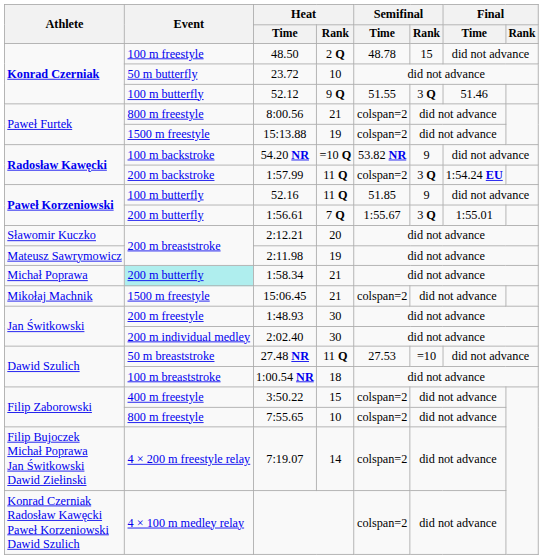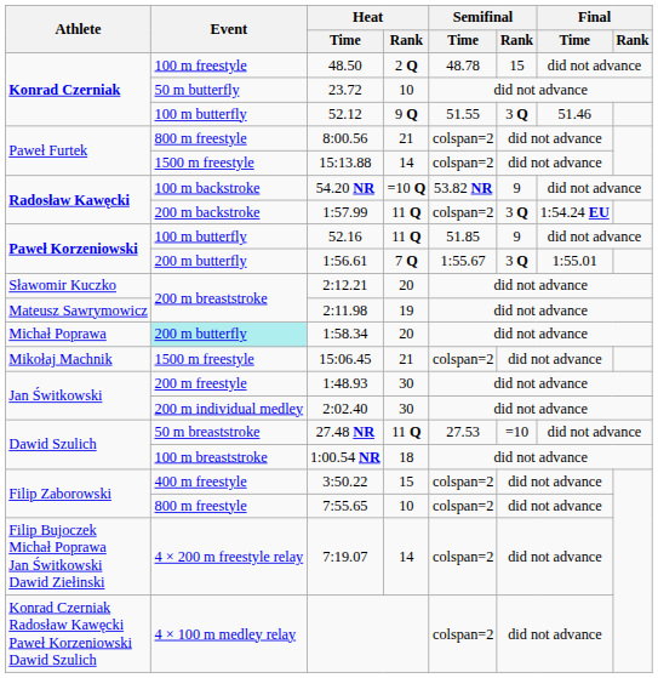 <table class=wikitable style="font-size:90%">
 <tr>
 <th rowspan="2">Athlete</th>
 <th rowspan="2">Event</th>
 <th colspan="2">Heat</th>
 <th colspan="2">Semifinal</th>
 <th colspan="2">Final</th>
 </tr>
 <tr style="font-size:95%">
 <th>Time</th>
 <th>Rank</th>
 <th>Time</th>
 <th>Rank</th>
 <th>Time</th>
 <th>Rank</th>
 </tr>
 <tr align=center>
 <td align=left rowspan=3><strong><a href='#'>Konrad Czerniak</a></strong></td>
 <td align=left><a href='#'>100 m freestyle</a></td>
 <td>48.50</td>
 <td>2 <strong>Q</strong></td>
 <td>48.78</td>
 <td>15</td>
 <td colspan=2>did not advance</td>
 </tr>
 <tr align=center>
 <td align=left><a href='#'>50 m butterfly</a></td>
 <td>23.72</td>
 <td>10</td>
 <td colspan=4>did not advance</td>
 </tr>
 <tr align=center>
 <td align=left><a href='#'>100 m butterfly</a></td>
 <td>52.12</td>
 <td>9 <strong>Q</strong></td>
 <td>51.55</td>
 <td>3 <strong>Q</strong></td>
 <td>51.46</td>
 <td></td>
 </tr>
 <tr align=center>
 <td align=left rowspan=2><a href='#'>Paweł Furtek</a></td>
 <td align=left><a href='#'>800 m freestyle</a></td>
 <td>8:00.56</td>
 <td>21</td>
 <td>colspan=2 </td>
 <td colspan=2>did not advance</td>
 </tr>
 <tr align=center>
 <td align=left><a href='#'>1500 m freestyle</a></td>
 <td>15:13.88</td>
-<td>19</td>
+<td>14</td>
 <td>colspan=2 </td>
 <td colspan=2>did not advance</td>
 </tr>
 <tr align=center>
 <td align=left rowspan=2><strong><a href='#'>Radosław Kawęcki</a></strong></td>
 <td align=left><a href='#'>100 m backstroke</a></td>
 <td>54.20 <strong><a href='#'>NR</a></strong></td>
 <td>=10 <strong>Q</strong></td>
 <td>53.82 <strong><a href='#'>NR</a></strong></td>
 <td>9</td>
 <td colspan=2>did not advance</td>
 </tr>
 <tr align=center>
 <td align=left><a href='#'>200 m backstroke</a></td>
 <td>1:57.99</td>
 <td>11 <strong>Q</strong></td>
 <td>colspan=2 </td>
 <td>3 <strong>Q</strong></td>
 <td>1:54.24 <strong><a href='#'>EU</a></strong></td>
 <td></td>
 </tr>
 <tr align=center>
 <td align=left rowspan=2><strong><a href='#'>Paweł Korzeniowski</a></strong></td>
 <td align=left><a href='#'>100 m butterfly</a></td>
 <td>52.16</td>
 <td>11 <strong>Q</strong></td>
 <td>51.85</td>
 <td>9</td>
 <td colspan=2>did not advance</td>
 </tr>
 <tr align=center>
 <td align=left><a href='#'>200 m butterfly</a></td>
 <td>1:56.61</td>
 <td>7 <strong>Q</strong></td>
 <td>1:55.67</td>
 <td>3 <strong>Q</strong></td>
 <td>1:55.01</td>
 <td></td>
 </tr>
 <tr align=center>
 <td align=left><a href='#'>Sławomir Kuczko</a></td>
 <td align=left rowspan=2><a href='#'>200 m breaststroke</a></td>
 <td>2:12.21</td>
 <td>20</td>
 <td colspan=4>did not advance</td>
 </tr>
 <tr align=center>
 <td align=left><a href='#'>Mateusz Sawrymowicz</a></td>
 <td>2:11.98</td>
 <td>19</td>
 <td colspan=4>did not advance</td>
 </tr>
 <tr align=center>
 <td align=left><a href='#'>Michał Poprawa</a></td>
 <td align=left style="background: paleturquoise;"><a href='#'>200 m butterfly</a></td>
 <td>1:58.34</td>
-<td>21</td>
+<td>20</td>
 <td colspan=4>did not advance</td>
 </tr>
 <tr align=center>
 <td align=left><a href='#'>Mikołaj Machnik</a></td>
 <td align=left><a href='#'>1500 m freestyle</a></td>
 <td>15:06.45</td>
 <td>21</td>
 <td>colspan=2 </td>
 <td colspan=2>did not advance</td>
 </tr>
 <tr align=center>
 <td align=left rowspan=2><a href='#'>Jan Świtkowski</a></td>
 <td align=left><a href='#'>200 m freestyle</a></td>
 <td>1:48.93</td>
 <td>30</td>
 <td colspan=4>did not advance</td>
 </tr>
 <tr align=center>
 <td align=left><a href='#'>200 m individual medley</a></td>
 <td>2:02.40</td>
 <td>30</td>
 <td colspan=4>did not advance</td>
 </tr>
 <tr align=center>
 <td align=left rowspan=2><a href='#'>Dawid Szulich</a></td>
 <td align=left><a href='#'>50 m breaststroke</a></td>
 <td>27.48 <strong><a href='#'>NR</a></strong></td>
 <td>11 <strong>Q</strong></td>
 <td>27.53</td>
 <td>=10</td>
 <td colspan=2>did not advance</td>
 </tr>
 <tr align=center>
 <td align=left><a href='#'>100 m breaststroke</a></td>
 <td>1:00.54 <strong><a href='#'>NR</a></strong></td>
 <td>18</td>
 <td colspan=4>did not advance</td>
 </tr>
 <tr align=center>
 <td align=left rowspan=2><a href='#'>Filip Zaborowski</a></td>
 <td align=left><a href='#'>400 m freestyle</a></td>
 <td>3:50.22</td>
 <td>15</td>
 <td>colspan=2 </td>
 <td colspan=2>did not advance</td>
 </tr>
 <tr align=center>
 <td align=left><a href='#'>800 m freestyle</a></td>
 <td>7:55.65</td>
 <td>10</td>
 <td>colspan=2 </td>
 <td colspan=2>did not advance</td>
 </tr>
 <tr align=center>
 <td align=left><a href='#'>Filip Bujoczek</a><br><a href='#'>Michał Poprawa</a><br><a href='#'>Jan Świtkowski</a><br><a href='#'>Dawid Ziełinski</a></td>
 <td align=left><a href='#'>4 × 200 m freestyle relay</a></td>
 <td>7:19.07</td>
 <td>14</td>
 <td>colspan=2 </td>
 <td colspan=2>did not advance</td>
 </tr>
 <tr align=center>
 <td align=left><a href='#'>Konrad Czerniak</a><br><a href='#'>Radosław Kawęcki</a><br><a href='#'>Paweł Korzeniowski</a><br><a href='#'>Dawid Szulich</a></td>
 <td align=left><a href='#'>4 × 100 m medley relay</a></td>
 <td colspan=2></td>
 <td>colspan=2 </td>
 <td colspan=2>did not advance</td>
 </tr>
 </table>
